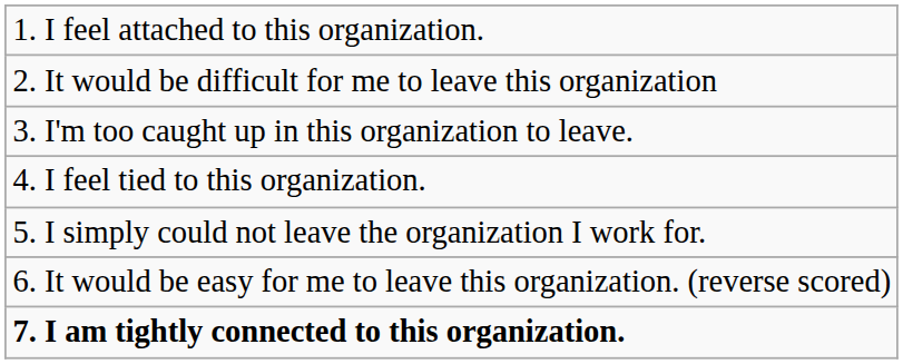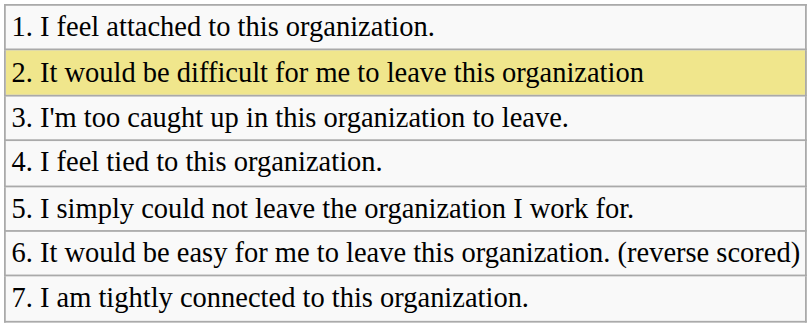 <table class="wikitable">
 <tr>
 <td>1.	I feel attached to this organization.</td>
 </tr>
 <tr>
-<td>2.	It would be difficult for me to leave this organization</td>
+<td style="background: khaki;">2.	It would be difficult for me to leave this organization</td>
 </tr>
 <tr>
 <td>3.	I'm too caught up in this organization to leave.</td>
 </tr>
 <tr>
 <td>4.	I feel tied to this organization.</td>
 </tr>
 <tr>
 <td>5.	I simply could not leave the organization I work for.</td>
 </tr>
 <tr>
 <td>6.	It would be easy for me to leave this organization. (reverse scored)</td>
 </tr>
 <tr>
-<td><strong>7.	I am tightly connected to this organization.</strong></td>
+<td>7.	I am tightly connected to this organization.</td>
 </tr>
 </table>
